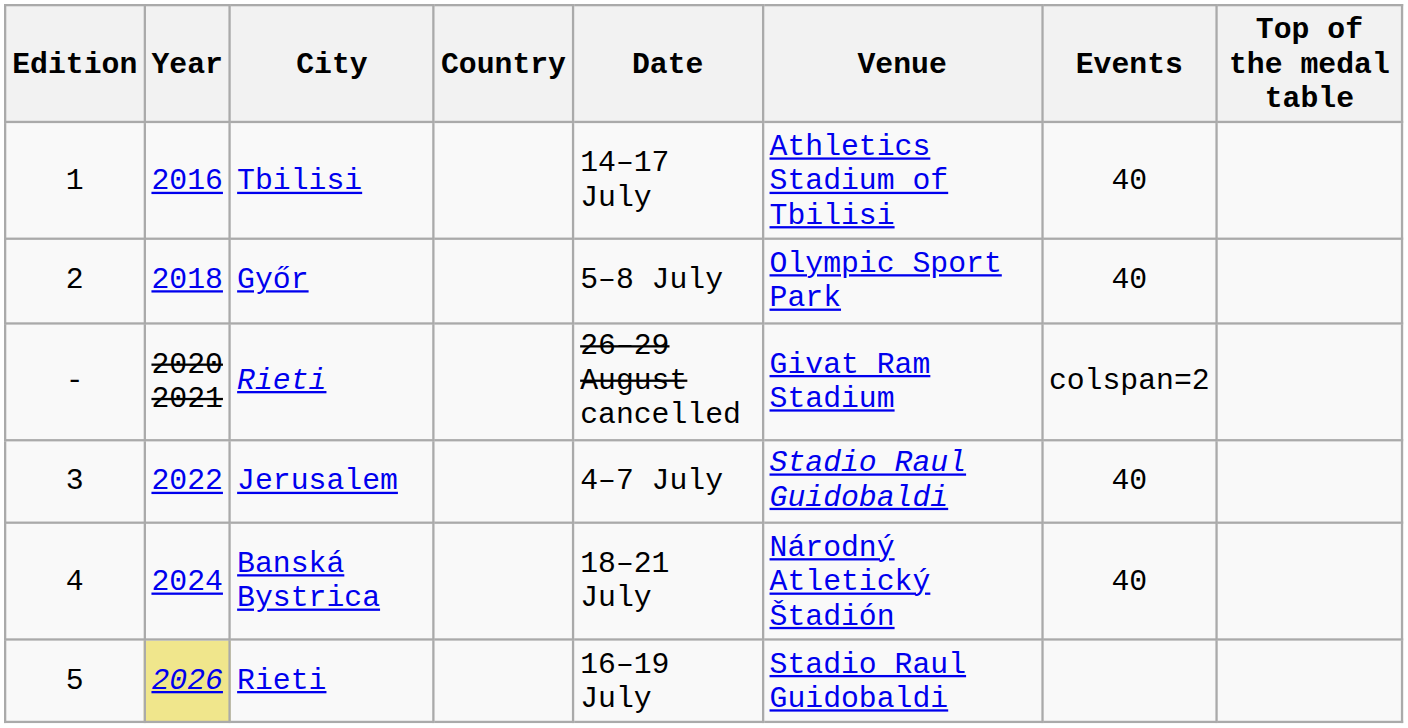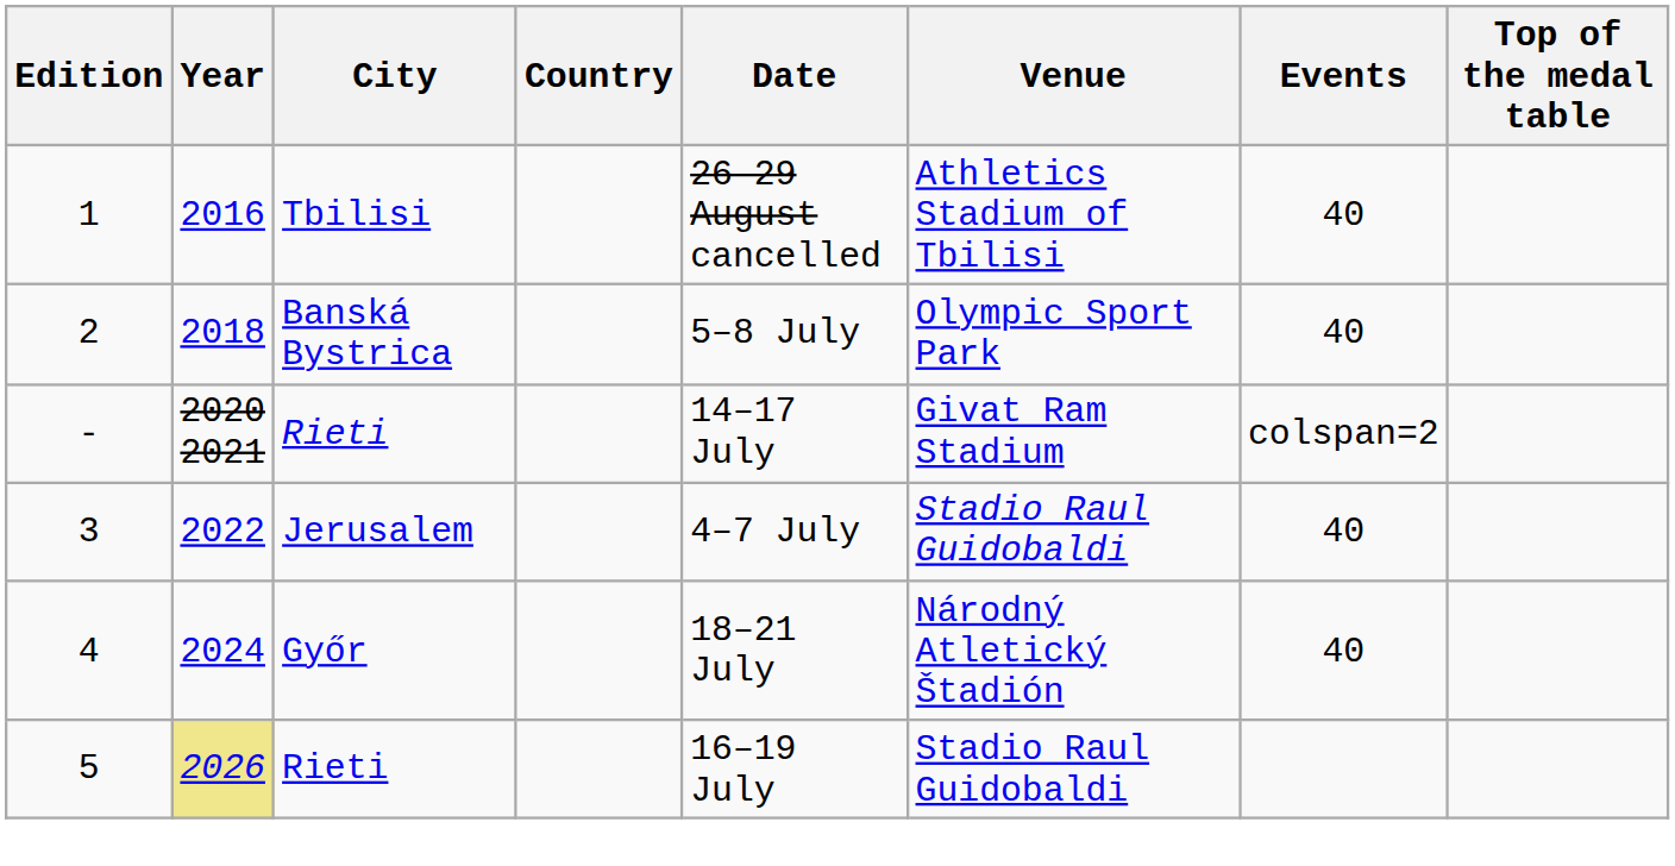 <table class="wikitable">
 <tr>
 <th>Edition</th>
 <th>Year</th>
 <th>City</th>
 <th>Country</th>
 <th>Date</th>
 <th>Venue</th>
 <th>Events</th>
 <th>Top of the medal table</th>
 </tr>
 <tr>
 <td align="center">1</td>
 <td><a href='#'>2016</a></td>
 <td><a href='#'>Tbilisi</a></td>
 <td></td>
-<td>14–17 July</td>
+<td><s>26–29 August</s><br>cancelled</td>
 <td><a href='#'>Athletics Stadium of Tbilisi</a></td>
 <td align="center">40</td>
 <td></td>
 </tr>
 <tr>
 <td align="center">2</td>
 <td><a href='#'>2018</a></td>
-<td><a href='#'>Győr</a></td>
+<td><a href='#'>Banská Bystrica</a></td>
 <td></td>
 <td>5–8 July</td>
 <td><a href='#'>Olympic Sport Park</a></td>
 <td align="center">40</td>
 <td></td>
 </tr>
 <tr>
 <td align="center">-</td>
 <td><s>2020<br> 2021</s></td>
 <td><em><a href='#'>Rieti</a></em></td>
 <td><em></em></td>
-<td><s>26–29 August</s><br>cancelled</td>
+<td>14–17 July</td>
 <td><a href='#'>Givat Ram Stadium</a></td>
 <td>colspan=2 </td>
 </tr>
 <tr>
 <td align="center">3</td>
 <td><a href='#'>2022</a></td>
 <td><a href='#'>Jerusalem</a></td>
 <td></td>
 <td>4–7 July</td>
 <td><em><a href='#'>Stadio Raul Guidobaldi</a></em></td>
 <td align="center">40</td>
 <td></td>
 </tr>
 <tr>
 <td align="center">4</td>
 <td><a href='#'>2024</a></td>
-<td><a href='#'>Banská Bystrica</a></td>
+<td><a href='#'>Győr</a></td>
 <td></td>
 <td>18–21 July</td>
 <td><a href='#'>Národný Atletický Štadión</a></td>
 <td align="center">40</td>
 <td></td>
 </tr>
 <tr>
 <td align="center">5</td>
 <td style="background: khaki;"><em><a href='#'>2026</a></em></td>
 <td><a href='#'>Rieti</a></td>
 <td></td>
 <td>16–19 July</td>
 <td><a href='#'>Stadio Raul Guidobaldi</a></td>
 <td align="center"></td>
 <td></td>
 </tr>
 </table>
